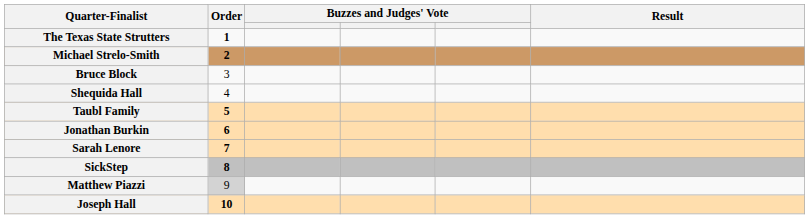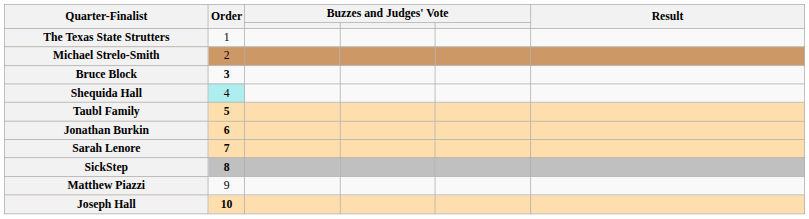 <table class="wikitable plainrowheaders sortable" style="text-align:center;">
 <tr>
 <th scope="col" rowspan="2" class="unsortable" style="width:17em;">Quarter-Finalist</th>
 <th scope="col" rowspan="2" style="width:1em;">Order</th>
 <th scope="col" colspan="3" class="unsortable" style="width:24em;">Buzzes and Judges' Vote</th>
 <th scope="col" rowspan="2" style="width:23em;">Result</th>
 </tr>
 <tr>
 <th scope="col" class="unsortable" style="width:6em;"></th>
 <th scope="col" class="unsortable" style="width:6em;"></th>
 <th scope="col" class="unsortable" style="width:6em;"></th>
 </tr>
 <tr>
 <th scope="row">The Texas State Strutters</th>
-<td><strong>1</strong></td>
+<td>1</td>
 <td style="text-align:center;"></td>
 <td style="text-align:center;"></td>
 <td style="text-align:center;"></td>
 <td></td>
 </tr>
 <tr style="background:#c96;">
 <th scope="row">Michael Strelo-Smith</th>
-<td><strong>2</strong></td>
+<td>2</td>
 <td style="text-align:center;"></td>
 <td style="text-align:center;"></td>
 <td style="text-align:center;"></td>
 <td></td>
 </tr>
 <tr>
 <th scope="row">Bruce Block</th>
-<td>3</td>
+<td><strong>3</strong></td>
 <td style="text-align:center;"></td>
 <td style="text-align:center;"></td>
 <td style="text-align:center;"></td>
 <td></td>
 </tr>
 <tr>
 <th scope="row">Shequida Hall</th>
-<td>4</td>
+<td style="background: paleturquoise;">4</td>
 <td style="text-align:center;"></td>
 <td style="text-align:center;"></td>
 <td style="text-align:center;"></td>
 <td></td>
 </tr>
 <tr style="background:NavajoWhite;">
 <th scope="row"><strong>Taubl Family</strong></th>
 <td><strong>5</strong></td>
 <td style="text-align:center;"></td>
 <td style="text-align:center;"></td>
 <td style="text-align:center;"></td>
 <td><strong></strong></td>
 </tr>
 <tr style="background:NavajoWhite;">
 <th scope="row"><strong>Jonathan Burkin</strong></th>
 <td><strong>6</strong></td>
 <td style="text-align:center;"></td>
 <td style="text-align:center;"></td>
 <td style="text-align:center;"></td>
 <td><strong></strong></td>
 </tr>
 <tr style="background:NavajoWhite;">
 <th scope="row"><strong>Sarah Lenore</strong></th>
 <td><strong>7</strong></td>
 <td style="text-align:center;"></td>
 <td style="text-align:center;"></td>
 <td style="text-align:center;"></td>
 <td><strong></strong></td>
 </tr>
 <tr style="background:silver;">
 <th scope="row"><strong>SickStep</strong></th>
 <td><strong>8</strong></td>
 <td style="text-align:center;"></td>
 <td style="text-align:center;"></td>
 <td style="text-align:center;"></td>
 <td><strong></strong></td>
 </tr>
 <tr>
 <th scope="row">Matthew Piazzi</th>
-<td style="background: lightgrey;">9</td>
+<td>9</td>
 <td style="text-align:center;"></td>
 <td style="text-align:center;"></td>
 <td style="text-align:center;"></td>
 <td></td>
 </tr>
 <tr style="background:NavajoWhite;">
 <th scope="row"><strong>Joseph Hall</strong></th>
 <td><strong>10</strong></td>
 <td style="text-align:center;"></td>
 <td style="text-align:center;"></td>
 <td style="text-align:center;"></td>
 <td><strong></strong></td>
 </tr>
 </table>
